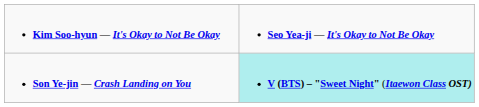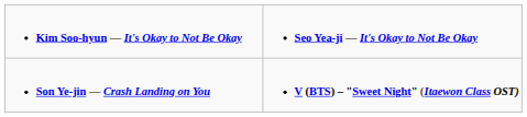 <table class="wikitable" align="center">
 <tr>
 <td style="vertical-align:top; width:50%;"><br><ul><li><strong><a href='#'>Kim Soo-hyun</a></strong> — <strong><em><a href='#'>It's Okay to Not Be Okay</a></em></strong> </li></ul></td>
 <td style="vertical-align:top; width:50%;"><br><ul><li><strong><a href='#'>Seo Yea-ji</a></strong> — <strong><em><a href='#'>It's Okay to Not Be Okay</a></em></strong> </li></ul></td>
 </tr>
 <tr>
 <td style="vertical-align:top; width:50%;"><br><ul><li><strong><a href='#'>Son Ye-jin</a></strong> — <strong><em><a href='#'>Crash Landing on You</a></em></strong> </li></ul></td>
-<td style="background: paleturquoise; vertical-align:top; width:50%;"><br><ul><li><strong><a href='#'>V</a> (<a href='#'>BTS</a>) – "<a href='#'>Sweet Night</a>"</strong> (<strong><em><a href='#'>Itaewon Class</a><em> OST<strong>) </li></ul></td>
+<td style="vertical-align:top; width:50%;"><br><ul><li><strong><a href='#'>V</a> (<a href='#'>BTS</a>) – "<a href='#'>Sweet Night</a>"</strong> (<strong><em><a href='#'>Itaewon Class</a><em> OST<strong>) </li></ul></td>
 </tr>
 </table>
